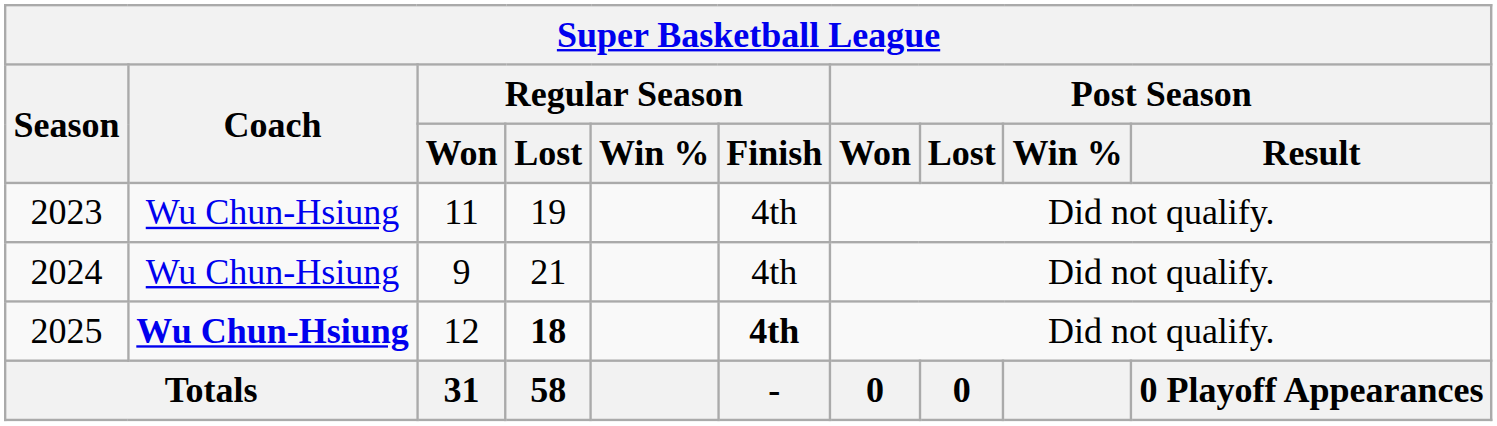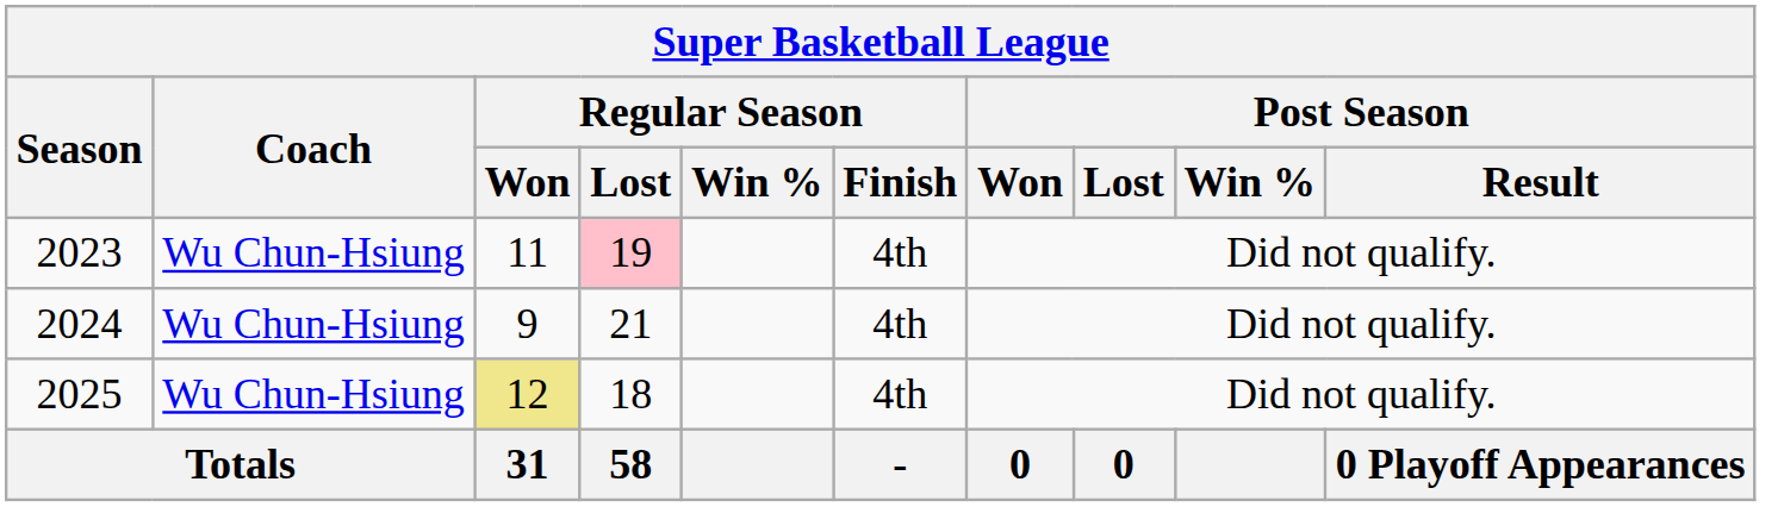 <table class="wikitable" style="font-size: 95%; text-align:center;">
 <tr>
 <th colspan="10"><a href='#'>Super Basketball League</a></th>
 </tr>
 <tr>
 <th rowspan="2">Season</th>
 <th rowspan="2">Coach</th>
 <th colspan="4">Regular Season</th>
 <th colspan="4">Post Season</th>
 </tr>
 <tr>
 <th>Won</th>
 <th>Lost</th>
 <th>Win %</th>
 <th>Finish</th>
 <th>Won</th>
 <th>Lost</th>
 <th>Win %</th>
 <th>Result</th>
 </tr>
 <tr>
 <td>2023</td>
 <td><a href='#'>Wu Chun-Hsiung</a></td>
 <td>11</td>
-<td>19</td>
+<td style="background: pink;">19</td>
 <td></td>
 <td>4th</td>
 <td colspan="4">Did not qualify.</td>
 </tr>
 <tr>
 <td>2024</td>
 <td><a href='#'>Wu Chun-Hsiung</a></td>
 <td>9</td>
 <td>21</td>
 <td></td>
 <td>4th</td>
 <td colspan="4">Did not qualify.</td>
 </tr>
 <tr>
 <td>2025</td>
-<td><strong><a href='#'>Wu Chun-Hsiung</a></strong></td>
-<td>12</td>
-<td><strong>18</strong></td>
+<td><a href='#'>Wu Chun-Hsiung</a></td>
+<td style="background: khaki;">12</td>
+<td>18</td>
 <td></td>
-<td><strong>4th</strong></td>
+<td>4th</td>
 <td colspan="4">Did not qualify.</td>
 </tr>
 <tr>
 <th colspan="2">Totals</th>
 <th>31</th>
 <th>58</th>
 <th></th>
 <th>-</th>
 <th>0</th>
 <th>0</th>
 <th></th>
 <th>0 Playoff Appearances</th>
 </tr>
 </table>
